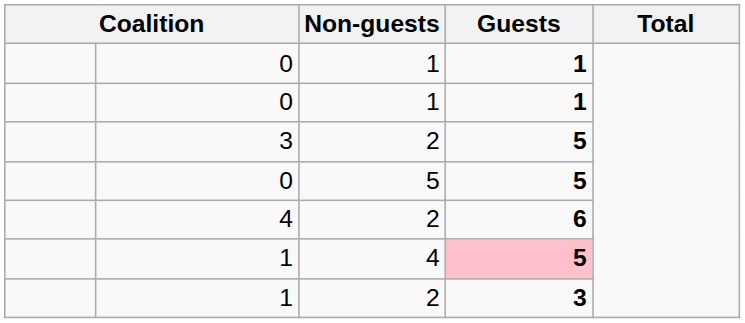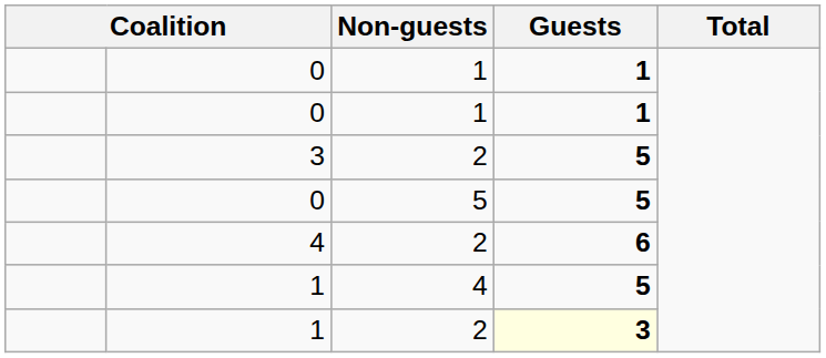 <table class=wikitable style="text-align:right;">
 <tr>
 <th colspan=2>Coalition</th>
 <th width=20%>Non-guests</th>
 <th width=20%>Guests</th>
 <th width=20%>Total</th>
 </tr>
 <tr>
 <td></td>
 <td>0</td>
 <td>1</td>
 <td><strong>1</strong></td>
 </tr>
 <tr>
 <td></td>
 <td>0</td>
 <td>1</td>
 <td><strong>1</strong></td>
 </tr>
 <tr>
 <td></td>
 <td>3</td>
 <td>2</td>
 <td><strong>5</strong></td>
 </tr>
 <tr>
 <td></td>
 <td>0</td>
 <td>5</td>
 <td><strong>5</strong></td>
 </tr>
 <tr>
 <td></td>
 <td>4</td>
 <td>2</td>
 <td><strong>6</strong></td>
 </tr>
 <tr>
 <td></td>
 <td>1</td>
 <td>4</td>
-<td style="background: pink;"><strong>5</strong></td>
+<td><strong>5</strong></td>
 </tr>
 <tr>
 <td></td>
 <td>1</td>
 <td>2</td>
-<td><strong>3</strong></td>
+<td style="background: lightyellow;"><strong>3</strong></td>
 </tr>
 </table>
